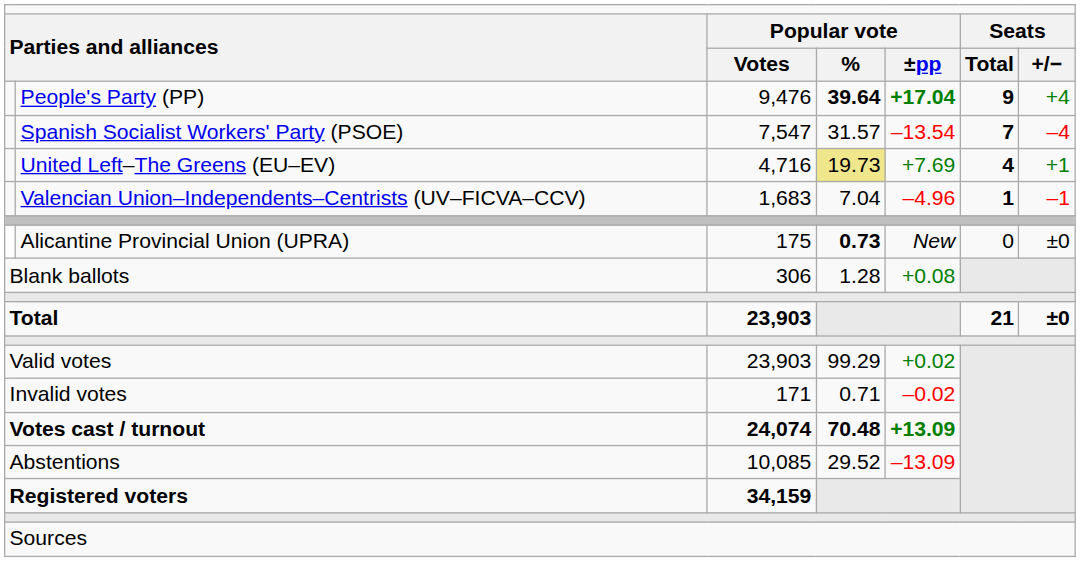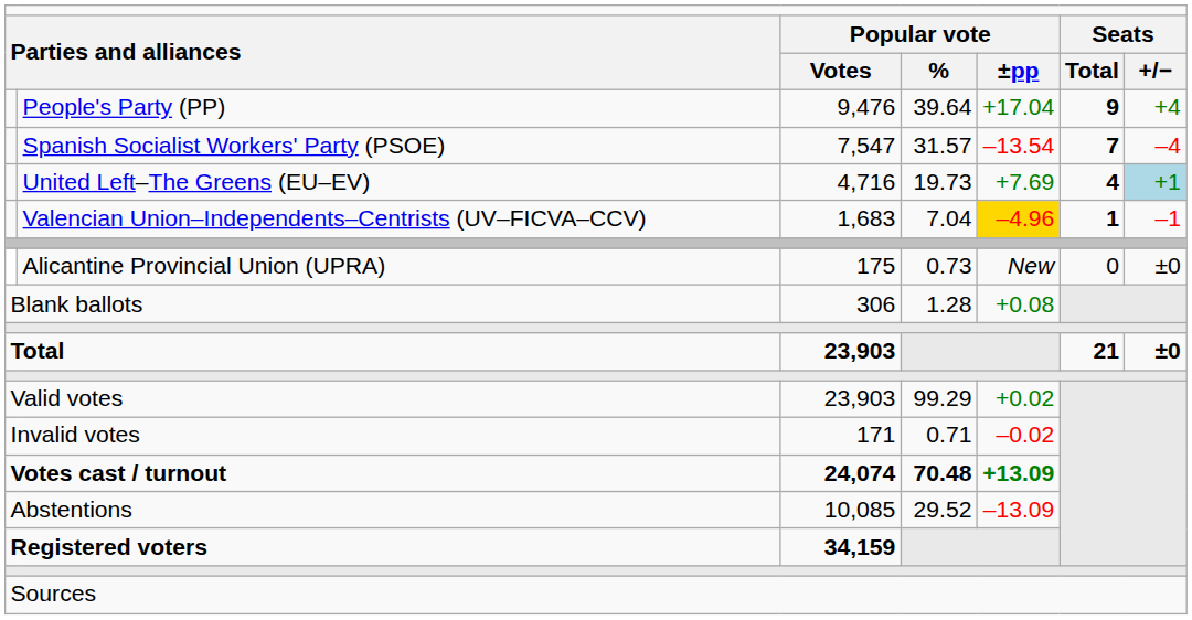 <table class="wikitable" style="text-align:right;">
 <tr>
 <td colspan="7"></td>
 </tr>
 <tr>
 <th style="text-align:left;" rowspan="2" colspan="2" width="525">Parties and alliances</th>
 <th colspan="3">Popular vote</th>
 <th colspan="2">Seats</th>
 </tr>
 <tr>
 <th width="75">Votes</th>
 <th width="45">%</th>
 <th width="45">±<a href='#'>pp</a></th>
 <th width="35">Total</th>
 <th width="35">+/−</th>
 </tr>
 <tr>
 <td width="1" style="color:inherit;background:"></td>
 <td align="left"><a href='#'>People's Party</a> (PP)</td>
 <td>9,476</td>
-<td><strong>39.64</strong></td>
-<td style="color:green;"><strong>+17.04</strong></td>
+<td>39.64</td>
+<td style="color:green;">+17.04</td>
 <td><strong>9</strong></td>
 <td style="color:green;">+4</td>
 </tr>
 <tr>
 <td style="color:inherit;background:"></td>
 <td align="left"><a href='#'>Spanish Socialist Workers' Party</a> (PSOE)</td>
 <td>7,547</td>
 <td>31.57</td>
 <td style="color:red;">–13.54</td>
 <td><strong>7</strong></td>
 <td style="color:red;">–4</td>
 </tr>
 <tr>
 <td style="color:inherit;background:"></td>
 <td align="left"><a href='#'>United Left</a>–<a href='#'>The Greens</a> (EU–EV)</td>
 <td>4,716</td>
-<td style="background: khaki;">19.73</td>
+<td>19.73</td>
 <td style="color:green;">+7.69</td>
 <td><strong>4</strong></td>
-<td style="color:green;">+1</td>
+<td style="background: lightblue; color:green;">+1</td>
 </tr>
 <tr>
 <td style="color:inherit;background:"></td>
 <td align="left"><a href='#'>Valencian Union–Independents–Centrists</a> (UV–FICVA–CCV)</td>
 <td>1,683</td>
 <td>7.04</td>
-<td style="color:red;">–4.96</td>
+<td style="background: gold; color:red;">–4.96</td>
 <td><strong>1</strong></td>
 <td style="color:red;">–1</td>
 </tr>
 <tr>
 <td colspan="7" bgcolor="#C0C0C0"></td>
 </tr>
 <tr>
 <td bgcolor="white"></td>
 <td align="left">Alicantine Provincial Union (UPRA)</td>
 <td>175</td>
-<td><strong>0.73</strong></td>
+<td>0.73</td>
 <td><em>New</em></td>
 <td>0</td>
 <td>±0</td>
 </tr>
 <tr>
 <td align="left" colspan="2">Blank ballots</td>
 <td>306</td>
 <td>1.28</td>
 <td style="color:green;">+0.08</td>
 <td bgcolor="#E9E9E9" colspan="2"></td>
 </tr>
 <tr>
 <td colspan="7" bgcolor="#E9E9E9"></td>
 </tr>
 <tr style="font-weight:bold;">
 <td align="left" colspan="2">Total</td>
 <td>23,903</td>
 <td bgcolor="#E9E9E9" colspan="2"></td>
 <td>21</td>
 <td>±0</td>
 </tr>
 <tr>
 <td colspan="7" bgcolor="#E9E9E9"></td>
 </tr>
 <tr>
 <td align="left" colspan="2">Valid votes</td>
 <td>23,903</td>
 <td>99.29</td>
 <td style="color:green;">+0.02</td>
 <td bgcolor="#E9E9E9" colspan="2" rowspan="5"></td>
 </tr>
 <tr>
 <td align="left" colspan="2">Invalid votes</td>
 <td>171</td>
 <td>0.71</td>
 <td style="color:red;">–0.02</td>
 </tr>
 <tr style="font-weight:bold;">
 <td align="left" colspan="2">Votes cast / turnout</td>
 <td>24,074</td>
 <td>70.48</td>
 <td style="color:green;">+13.09</td>
 </tr>
 <tr>
 <td align="left" colspan="2">Abstentions</td>
 <td>10,085</td>
 <td>29.52</td>
 <td style="color:red;">–13.09</td>
 </tr>
 <tr style="font-weight:bold;">
 <td align="left" colspan="2">Registered voters</td>
 <td>34,159</td>
 <td bgcolor="#E9E9E9" colspan="2"></td>
 </tr>
 <tr>
 <td colspan="7" bgcolor="#E9E9E9"></td>
 </tr>
 <tr>
 <td align="left" colspan="7">Sources</td>
 </tr>
 </table>
